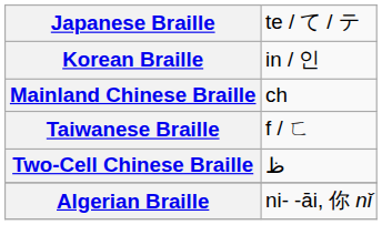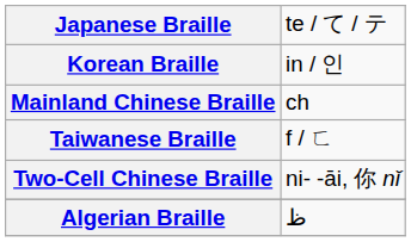 <table class="wikitable">
 <tr>
 <th align=left><a href='#'>Japanese Braille</a></th>
 <td>te / て / テ </td>
 </tr>
 <tr>
 <th align=left><a href='#'>Korean Braille</a></th>
 <td>in / 인 </td>
 </tr>
 <tr>
 <th align=left><a href='#'>Mainland Chinese Braille</a></th>
 <td>ch </td>
 </tr>
 <tr>
 <th align=left><a href='#'>Taiwanese Braille</a></th>
 <td>f / ㄈ</td>
 </tr>
 <tr>
 <th align=left><a href='#'>Two-Cell Chinese Braille</a></th>
-<td>ظ ‎</td>
+<td>ni- -āi, 你 <em>nǐ</em></td>
 </tr>
 <tr>
 </tr>
 <tr>
 </tr>
 <tr>
 <th align=left><a href='#'>Algerian Braille</a></th>
-<td>ni- -āi, 你 <em>nǐ</em></td>
+<td>ظ ‎</td>
 </tr>
 <tr>
 </tr>
 </table>
